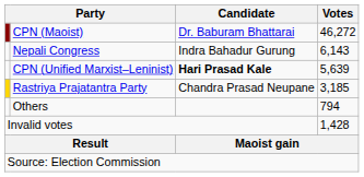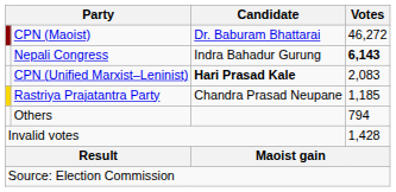 <table class="wikitable">
 <tr>
 <th colspan="2">Party</th>
 <th>Candidate</th>
 <th>Votes</th>
 </tr>
 <tr>
 <td style="background-color:darkred"></td>
 <td><a href='#'>CPN (Maoist)</a></td>
 <td><a href='#'>Dr. Baburam Bhattarai</a></td>
 <td>46,272</td>
 </tr>
 <tr>
 <td style="background-color:"></td>
 <td><a href='#'>Nepali Congress</a></td>
 <td>Indra Bahadur Gurung</td>
-<td>6,143</td>
+<td><strong>6,143</strong></td>
 </tr>
 <tr>
 <td style="background-color:"></td>
 <td><a href='#'>CPN (Unified Marxist–Leninist)</a></td>
 <td><strong>Hari Prasad Kale</strong></td>
-<td>5,639</td>
+<td>2,083</td>
 </tr>
 <tr>
 <td style="background-color:gold"></td>
 <td><a href='#'>Rastriya Prajatantra Party</a></td>
 <td>Chandra Prasad Neupane</td>
-<td>3,185</td>
+<td>1,185</td>
 </tr>
 <tr>
 <td></td>
 <td>Others</td>
 <td></td>
 <td>794</td>
 </tr>
 <tr>
 <td colspan="3">Invalid votes</td>
 <td>1,428</td>
 </tr>
 <tr>
 <th colspan="2">Result</th>
 <th colspan="2">Maoist gain</th>
 </tr>
 <tr>
 <td colspan="4">Source: Election Commission</td>
 </tr>
 </table>
